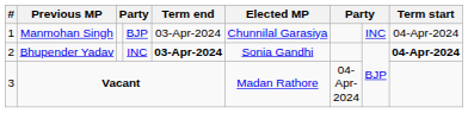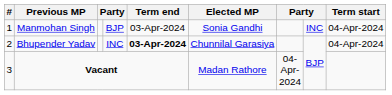 <table class="wikitable" style="text-align:center;">
 <tr>
 <th>#</th>
 <th>Previous MP</th>
 <th colspan="2">Party</th>
 <th>Term end</th>
 <th>Elected MP</th>
 <th colspan="2">Party</th>
 <th>Term start</th>
 </tr>
 <tr>
 <td>1</td>
 <td><a href='#'>Manmohan Singh</a></td>
 <td></td>
 <td><a href='#'>BJP</a></td>
 <td>03-Apr-2024</td>
-<td><a href='#'>Chunnilal Garasiya</a></td>
+<td><a href='#'>Sonia Gandhi</a></td>
 <td width="1px"></td>
 <td><a href='#'>INC</a></td>
 <td>04-Apr-2024</td>
 </tr>
 <tr>
 <td>2</td>
 <td><a href='#'>Bhupender Yadav</a></td>
 <td width="1px"></td>
 <td><a href='#'>INC</a></td>
 <td><strong>03-Apr-2024</strong></td>
-<td><a href='#'>Sonia Gandhi</a></td>
+<td><a href='#'>Chunnilal Garasiya</a></td>
 <td width="1px"></td>
 <td rowspan=2><a href='#'>BJP</a></td>
-<td><strong>04-Apr-2024</strong></td>
+<td>04-Apr-2024</td>
 </tr>
 <tr>
 <td>3</td>
 <td colspan="4"><strong>Vacant</strong></td>
 <td><a href='#'>Madan Rathore</a></td>
 <td>04-Apr-2024</td>
 </tr>
 </table>
